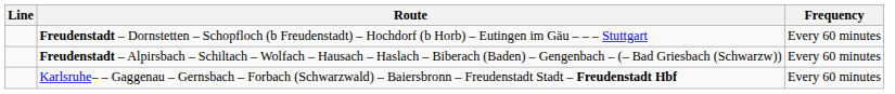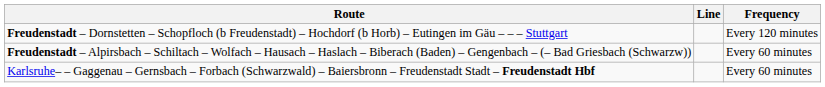 <table class="wikitable">
 <tr>
+<th>Route</th>
 <th>Line</th>
-<th>Route</th>
 <th>Frequency</th>
 </tr>
 <tr>
+<td><strong>Freudenstadt</strong> – Dornstetten – Schopfloch (b Freudenstadt) – Hochdorf (b Horb) – Eutingen im Gäu –  –  – <a href='#'>Stuttgart</a></td>
 <td></td>
-<td><strong>Freudenstadt</strong> – Dornstetten – Schopfloch (b Freudenstadt) – Hochdorf (b Horb) – Eutingen im Gäu –  –  – <a href='#'>Stuttgart</a></td>
+<td>Every 120 minutes</td>
+</tr>
+<tr>
+<td><strong>Freudenstadt</strong> – Alpirsbach – Schiltach – Wolfach – Hausach – Haslach – Biberach (Baden) – Gengenbach –  (– Bad Griesbach (Schwarzw))</td>
+<td></td>
 <td>Every 60 minutes</td>
 </tr>
 <tr>
+<td><a href='#'>Karlsruhe</a>–  – Gaggenau – Gernsbach – Forbach (Schwarzwald) – Baiersbronn – Freudenstadt Stadt – <strong>Freudenstadt Hbf</strong></td>
 <td></td>
-<td><strong>Freudenstadt</strong> – Alpirsbach – Schiltach – Wolfach – Hausach – Haslach – Biberach (Baden) – Gengenbach –  (– Bad Griesbach (Schwarzw))</td>
-<td>Every 60 minutes</td>
-</tr>
-<tr>
-<td></td>
-<td><a href='#'>Karlsruhe</a>–  – Gaggenau – Gernsbach – Forbach (Schwarzwald) – Baiersbronn – Freudenstadt Stadt – <strong>Freudenstadt Hbf</strong></td>
 <td>Every 60 minutes</td>
 </tr>
 </table>
